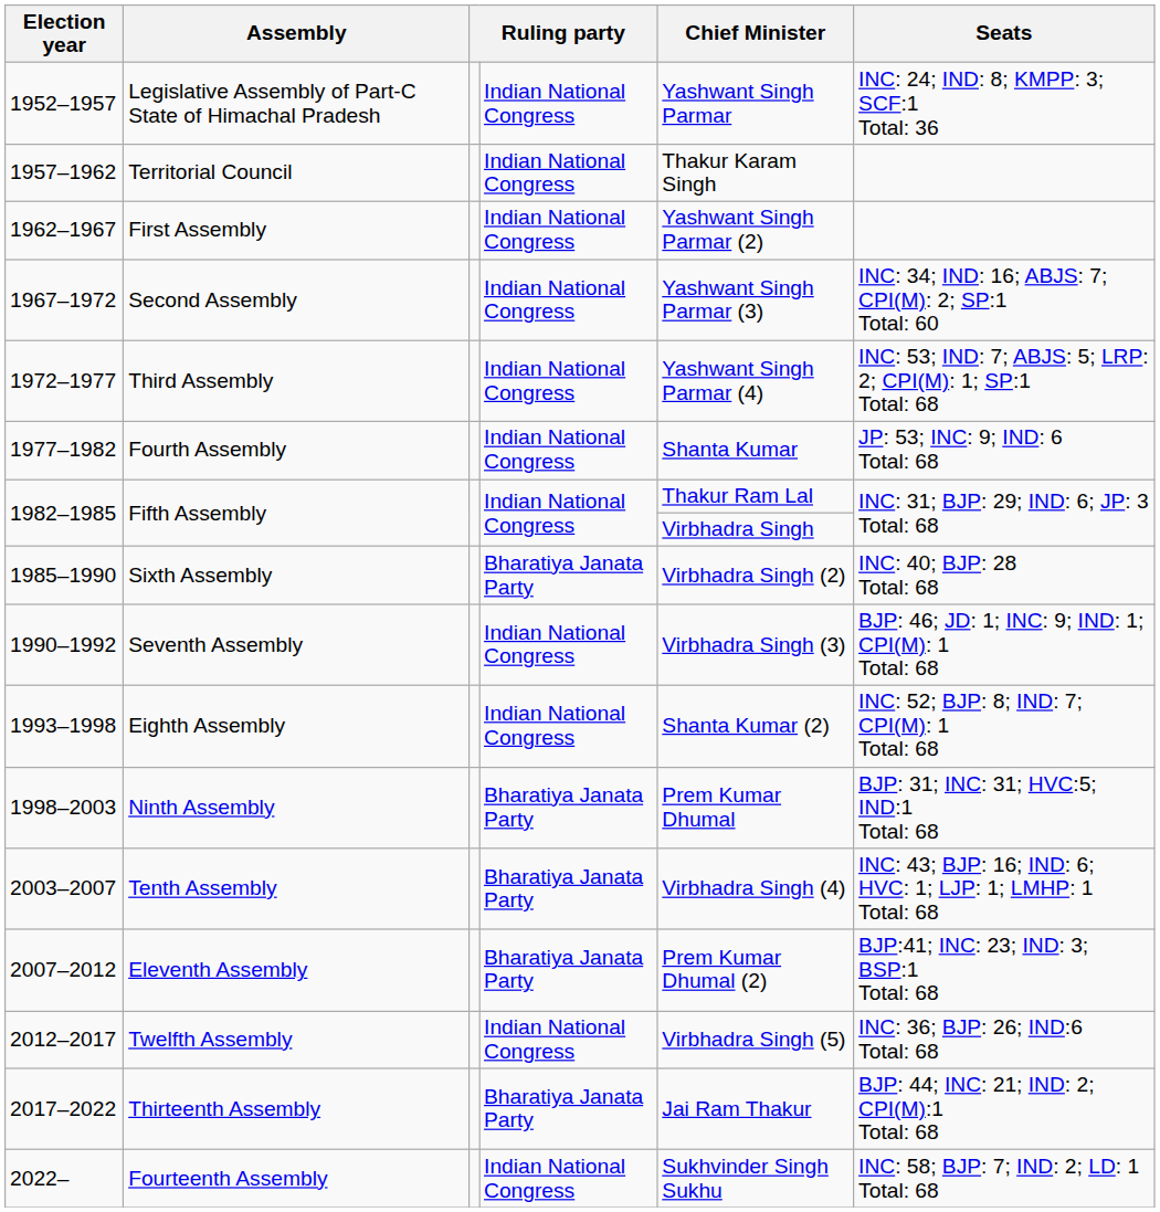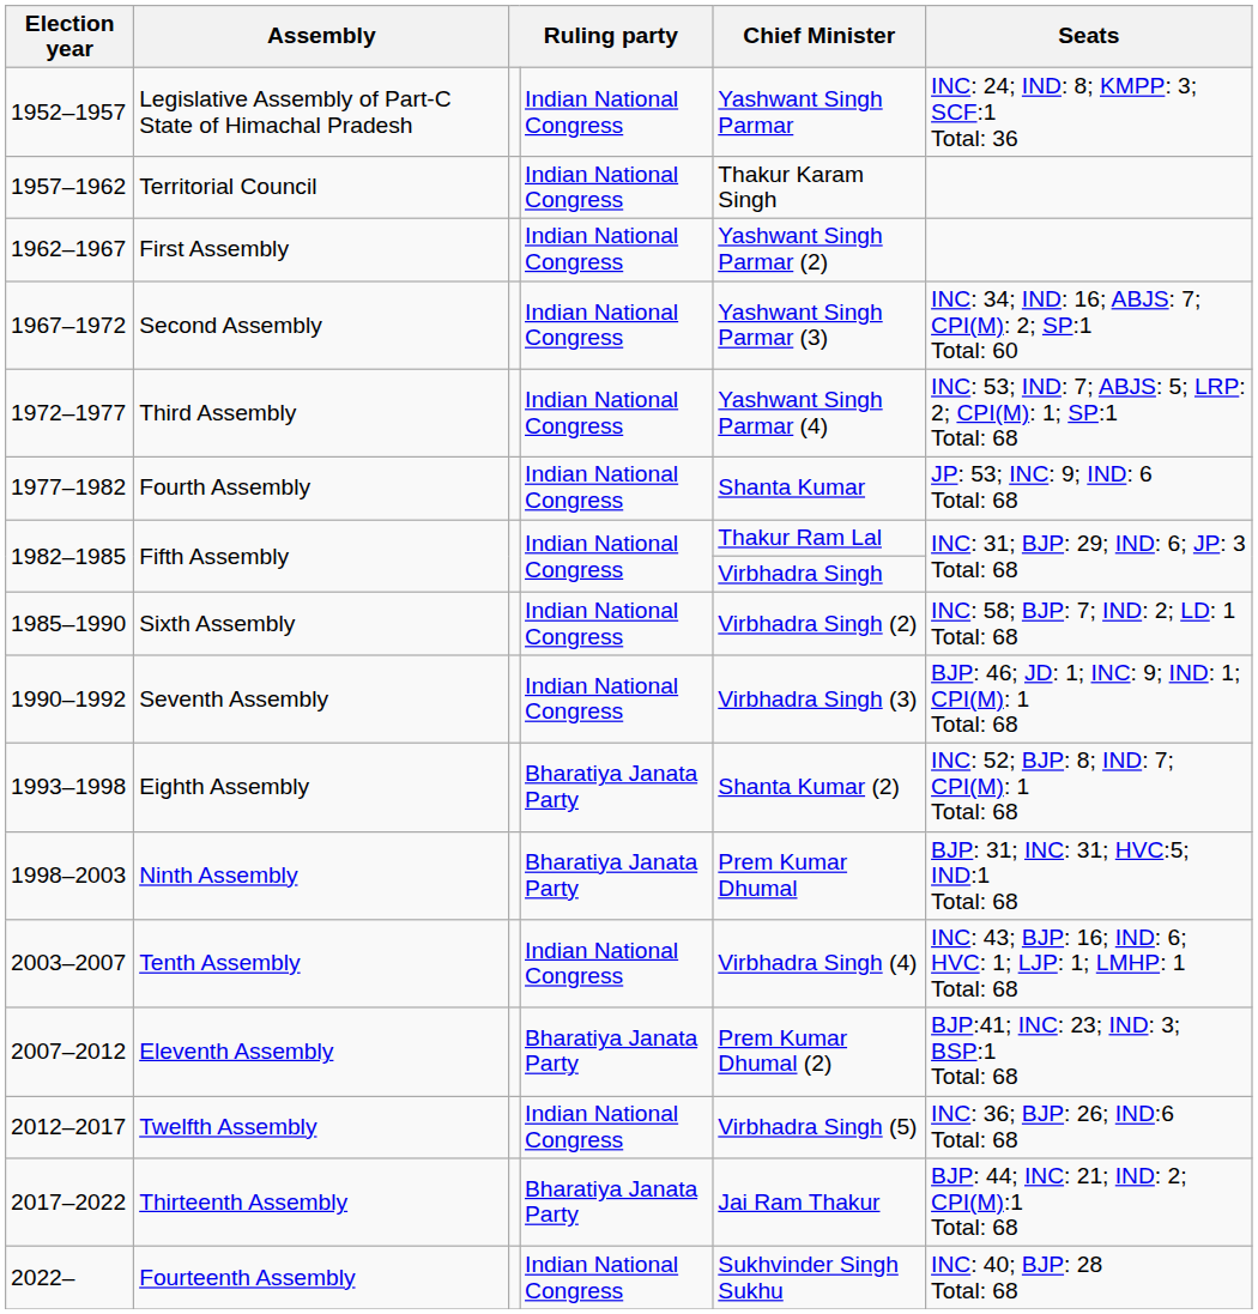 <table class="wikitable">
 <tr>
 <th>Election year</th>
 <th>Assembly</th>
 <th colspan="2">Ruling party</th>
 <th>Chief Minister</th>
 <th>Seats</th>
 </tr>
 <tr>
 <td>1952–1957</td>
 <td>Legislative Assembly of Part-C State of Himachal Pradesh</td>
 <td></td>
 <td><a href='#'>Indian National Congress</a></td>
 <td><a href='#'>Yashwant Singh Parmar</a></td>
 <td><a href='#'>INC</a>: 24; <a href='#'>IND</a>: 8; <a href='#'>KMPP</a>: 3;  <a href='#'>SCF</a>:1<br>Total: 36</td>
 </tr>
 <tr --->
 <td>1957–1962</td>
 <td>Territorial Council</td>
 <td></td>
 <td><a href='#'>Indian National Congress</a></td>
 <td>Thakur Karam Singh</td>
 <td></td>
 </tr>
 <tr --->
 <td>1962–1967</td>
 <td>First Assembly</td>
 <td></td>
 <td><a href='#'>Indian National Congress</a></td>
 <td><a href='#'>Yashwant Singh Parmar</a> (2)</td>
 <td></td>
 </tr>
 <tr --->
 <td>1967–1972</td>
 <td>Second Assembly</td>
 <td></td>
 <td><a href='#'>Indian National Congress</a></td>
 <td><a href='#'>Yashwant Singh Parmar</a> (3)</td>
 <td><a href='#'>INC</a>: 34; <a href='#'>IND</a>: 16; <a href='#'>ABJS</a>: 7; <a href='#'>CPI(M)</a>: 2; <a href='#'>SP</a>:1<br>Total: 60</td>
 </tr>
 <tr --->
 <td>1972–1977</td>
 <td>Third Assembly</td>
 <td></td>
 <td><a href='#'>Indian National Congress</a></td>
 <td><a href='#'>Yashwant Singh Parmar</a> (4)</td>
 <td><a href='#'>INC</a>: 53; <a href='#'>IND</a>: 7; <a href='#'>ABJS</a>: 5; <a href='#'>LRP</a>: 2; <a href='#'>CPI(M)</a>: 1; <a href='#'>SP</a>:1<br>Total: 68</td>
 </tr>
 <tr --->
 <td>1977–1982</td>
 <td>Fourth Assembly</td>
 <td></td>
 <td><a href='#'>Indian National Congress</a></td>
 <td><a href='#'>Shanta Kumar</a></td>
 <td><a href='#'>JP</a>: 53; <a href='#'>INC</a>: 9; <a href='#'>IND</a>: 6<br>Total: 68</td>
 </tr>
 <tr --->
 <td rowspan=2>1982–1985</td>
 <td rowspan=2>Fifth Assembly</td>
 <td rowspan="2"></td>
 <td rowspan=2><a href='#'>Indian National Congress</a></td>
 <td><a href='#'>Thakur Ram Lal</a></td>
 <td rowspan="2"><a href='#'>INC</a>: 31; <a href='#'>BJP</a>: 29; <a href='#'>IND</a>: 6; <a href='#'>JP</a>: 3<br>Total: 68</td>
 </tr>
 <tr --->
 <td><a href='#'>Virbhadra Singh</a></td>
 </tr>
 <tr --->
 <td>1985–1990</td>
 <td>Sixth Assembly</td>
 <td></td>
-<td><a href='#'>Bharatiya Janata Party</a></td>
+<td><a href='#'>Indian National Congress</a></td>
 <td><a href='#'>Virbhadra Singh</a> (2)</td>
-<td><a href='#'>INC</a>: 40; <a href='#'>BJP</a>: 28<br>Total: 68</td>
+<td><a href='#'>INC</a>: 58; <a href='#'>BJP</a>: 7; <a href='#'>IND</a>: 2; <a href='#'>LD</a>: 1<br>Total: 68</td>
 </tr>
 <tr --->
 <td>1990–1992</td>
 <td>Seventh Assembly</td>
 <td></td>
 <td><a href='#'>Indian National Congress</a></td>
 <td><a href='#'>Virbhadra Singh</a> (3)</td>
 <td><a href='#'>BJP</a>: 46; <a href='#'>JD</a>: 1; <a href='#'>INC</a>: 9; <a href='#'>IND</a>: 1; <a href='#'>CPI(M)</a>: 1<br>Total: 68</td>
 </tr>
 <tr --->
 <td>1993–1998</td>
 <td>Eighth Assembly</td>
 <td></td>
-<td><a href='#'>Indian National Congress</a></td>
+<td><a href='#'>Bharatiya Janata Party</a></td>
 <td><a href='#'>Shanta Kumar</a> (2)</td>
 <td><a href='#'>INC</a>: 52; <a href='#'>BJP</a>: 8; <a href='#'>IND</a>: 7; <a href='#'>CPI(M)</a>: 1<br>Total: 68</td>
 </tr>
 <tr --->
 <td>1998–2003</td>
 <td><a href='#'>Ninth Assembly</a></td>
 <td></td>
 <td><a href='#'>Bharatiya Janata Party</a></td>
 <td><a href='#'>Prem Kumar Dhumal</a></td>
 <td><a href='#'>BJP</a>: 31; <a href='#'>INC</a>: 31; <a href='#'>HVC</a>:5; <a href='#'>IND</a>:1<br>Total: 68</td>
 </tr>
 <tr --->
 <td>2003–2007</td>
 <td><a href='#'>Tenth Assembly</a></td>
 <td></td>
-<td><a href='#'>Bharatiya Janata Party</a></td>
+<td><a href='#'>Indian National Congress</a></td>
 <td><a href='#'>Virbhadra Singh</a> (4)</td>
 <td><a href='#'>INC</a>: 43; <a href='#'>BJP</a>: 16; <a href='#'>IND</a>: 6; <a href='#'>HVC</a>: 1; <a href='#'>LJP</a>: 1; <a href='#'>LMHP</a>: 1<br>Total: 68</td>
 </tr>
 <tr --->
 <td>2007–2012</td>
 <td><a href='#'>Eleventh Assembly</a></td>
 <td></td>
 <td><a href='#'>Bharatiya Janata Party</a></td>
 <td><a href='#'>Prem Kumar Dhumal</a> (2)</td>
 <td><a href='#'>BJP</a>:41; <a href='#'>INC</a>: 23; <a href='#'>IND</a>: 3; <a href='#'>BSP</a>:1<br>Total: 68</td>
 </tr>
 <tr --->
 <td>2012–2017</td>
 <td><a href='#'>Twelfth Assembly</a></td>
 <td></td>
 <td><a href='#'>Indian National Congress</a></td>
 <td><a href='#'>Virbhadra Singh</a> (5)</td>
 <td><a href='#'>INC</a>: 36; <a href='#'>BJP</a>: 26; <a href='#'>IND</a>:6<br>Total: 68</td>
 </tr>
 <tr --->
 <td>2017–2022</td>
 <td><a href='#'>Thirteenth Assembly</a></td>
 <td></td>
 <td><a href='#'>Bharatiya Janata Party</a></td>
 <td><a href='#'>Jai Ram Thakur</a></td>
 <td><a href='#'>BJP</a>: 44; <a href='#'>INC</a>: 21; <a href='#'>IND</a>: 2; <a href='#'>CPI(M)</a>:1<br>Total: 68</td>
 </tr>
 <tr --->
 <td>2022–</td>
 <td><a href='#'>Fourteenth Assembly</a></td>
 <td></td>
 <td><a href='#'>Indian National Congress</a></td>
 <td><a href='#'>Sukhvinder Singh Sukhu</a></td>
-<td><a href='#'>INC</a>: 58; <a href='#'>BJP</a>: 7; <a href='#'>IND</a>: 2; <a href='#'>LD</a>: 1<br>Total: 68</td>
+<td><a href='#'>INC</a>: 40; <a href='#'>BJP</a>: 28<br>Total: 68</td>
 </tr>
 </table>
